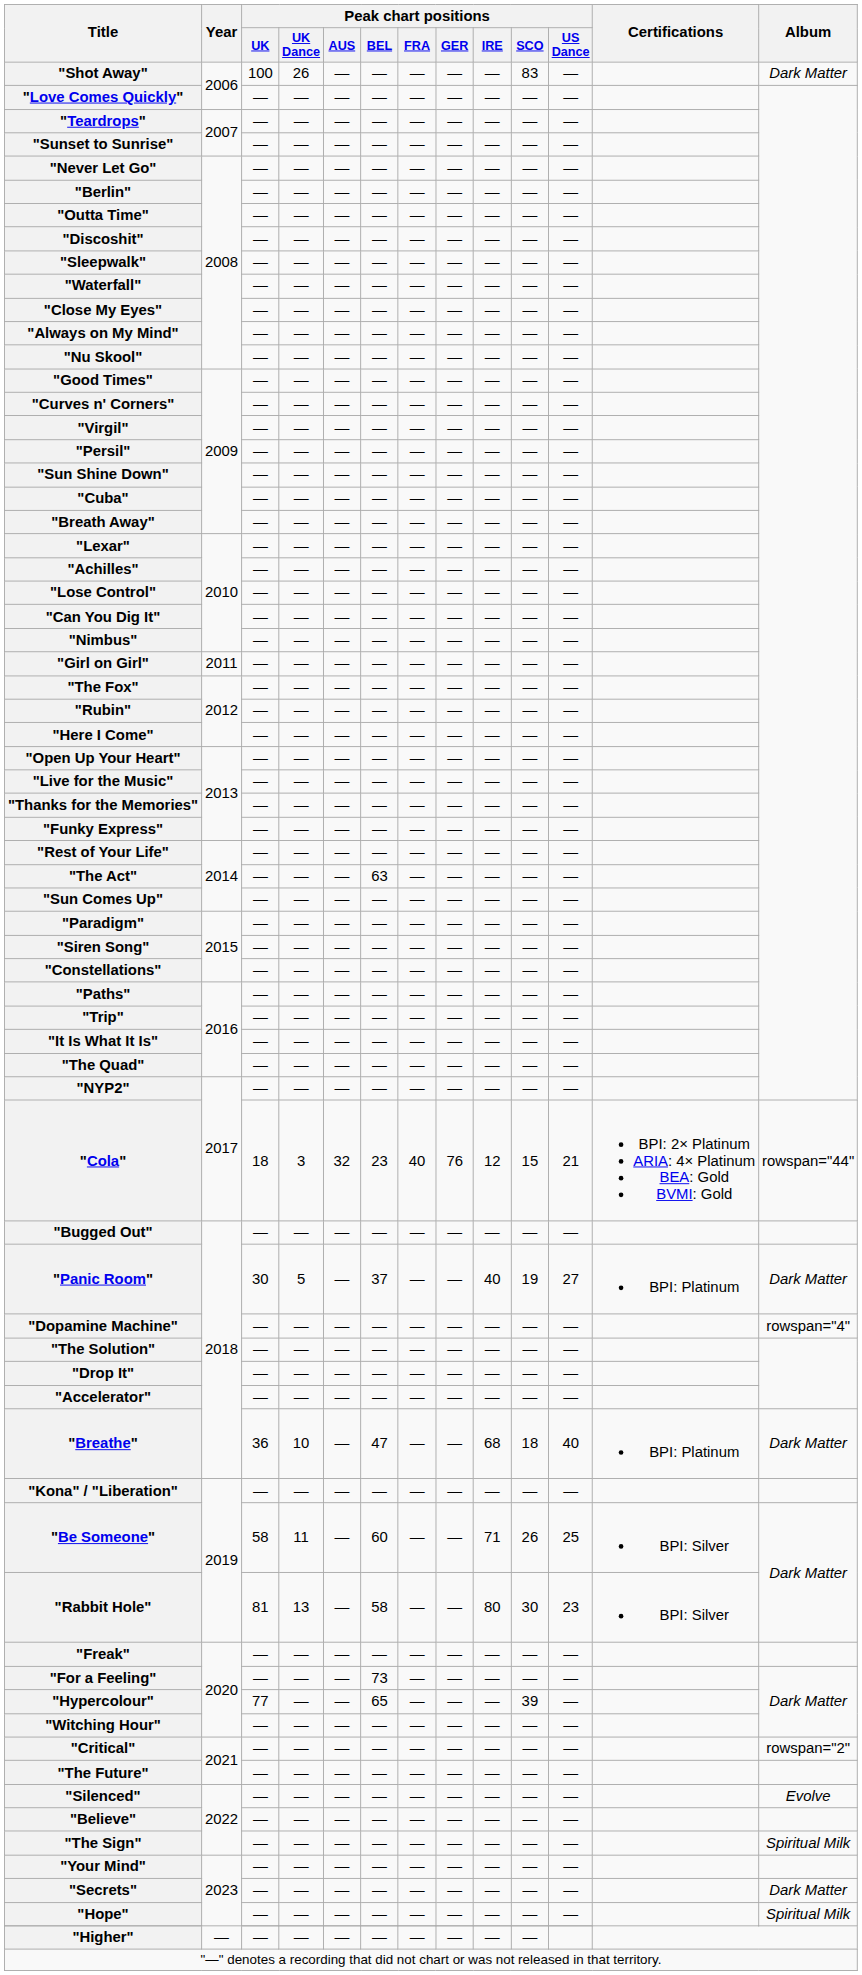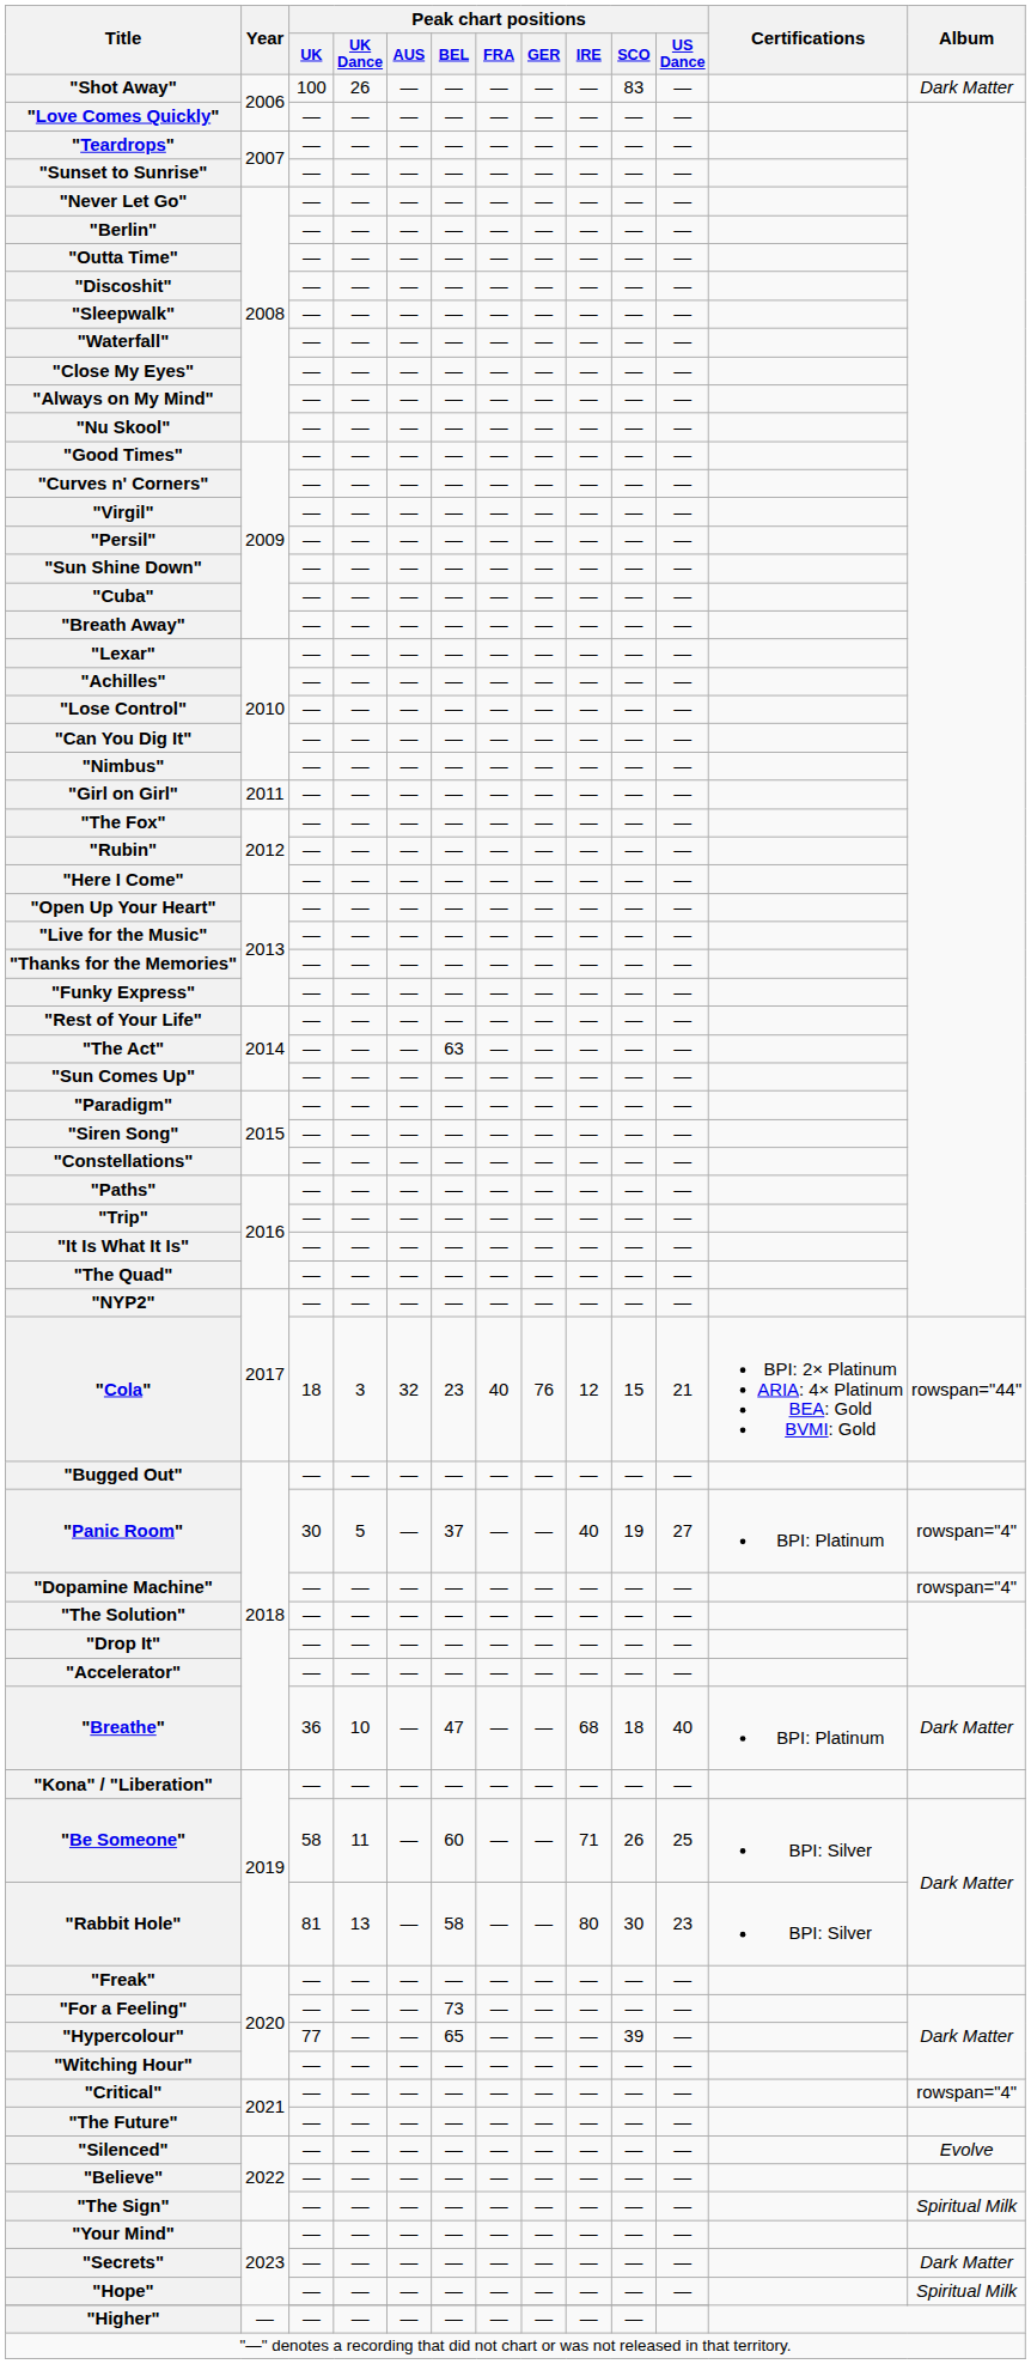 <table class="wikitable plainrowheaders" style="text-align:center;">
 <tr>
 <th scope="col" rowspan="2">Title</th>
 <th scope="col" rowspan="2">Year</th>
 <th scope="col" colspan="9">Peak chart positions</th>
 <th scope="col" rowspan="2">Certifications</th>
 <th scope="col" rowspan="2">Album</th>
 </tr>
 <tr>
 <th scope="col" style="width:2.5em;font-size:85%;"><a href='#'>UK</a><br></th>
 <th scope="col" style="width:2.5em;font-size:85%;"><a href='#'>UK Dance</a><br></th>
 <th scope="col" style="width:2.5em;font-size:85%;"><a href='#'>AUS</a><br></th>
 <th scope="col" style="width:2.5em;font-size:85%;"><a href='#'>BEL</a><br></th>
 <th scope="col" style="width:2.5em;font-size:85%;"><a href='#'>FRA</a><br></th>
 <th scope="col" style="width:2.5em;font-size:85%;"><a href='#'>GER</a><br></th>
 <th scope="col" style="width:2.5em;font-size:85%;"><a href='#'>IRE</a><br></th>
 <th scope="col" style="width:2.5em;font-size:85%;"><a href='#'>SCO</a><br></th>
 <th scope="col" style="width:2.5em;font-size:85%;"><a href='#'>US<br>Dance</a><br></th>
 </tr>
 <tr>
 <th scope="row">"Shot Away" <br></th>
 <td rowspan="2">2006</td>
 <td>100</td>
 <td>26</td>
 <td>—</td>
 <td>—</td>
 <td>—</td>
 <td>—</td>
 <td>—</td>
 <td>83</td>
 <td>—</td>
 <td></td>
 <td><em>Dark Matter</em></td>
 </tr>
 <tr>
 <th scope="row">"<a href='#'>Love Comes Quickly</a>" <br></th>
 <td>—</td>
 <td>—</td>
 <td>—</td>
 <td>—</td>
 <td>—</td>
 <td>—</td>
 <td>—</td>
 <td>—</td>
 <td>—</td>
 <td></td>
 </tr>
 <tr>
 <th scope="row">"<a href='#'>Teardrops</a>" <br></th>
 <td rowspan="2">2007</td>
 <td>—</td>
 <td>—</td>
 <td>—</td>
 <td>—</td>
 <td>—</td>
 <td>—</td>
 <td>—</td>
 <td>—</td>
 <td>—</td>
 <td></td>
 </tr>
 <tr>
 <th scope="row">"Sunset to Sunrise"<br></th>
 <td>—</td>
 <td>—</td>
 <td>—</td>
 <td>—</td>
 <td>—</td>
 <td>—</td>
 <td>—</td>
 <td>—</td>
 <td>—</td>
 <td></td>
 </tr>
 <tr>
 <th scope="row">"Never Let Go" <br></th>
 <td rowspan="9">2008</td>
 <td>—</td>
 <td>—</td>
 <td>—</td>
 <td>—</td>
 <td>—</td>
 <td>—</td>
 <td>—</td>
 <td>—</td>
 <td>—</td>
 <td></td>
 </tr>
 <tr>
 <th scope="row">"Berlin" <br></th>
 <td>—</td>
 <td>—</td>
 <td>—</td>
 <td>—</td>
 <td>—</td>
 <td>—</td>
 <td>—</td>
 <td>—</td>
 <td>—</td>
 <td></td>
 </tr>
 <tr>
 <th scope="row">"Outta Time" <br></th>
 <td>—</td>
 <td>—</td>
 <td>—</td>
 <td>—</td>
 <td>—</td>
 <td>—</td>
 <td>—</td>
 <td>—</td>
 <td>—</td>
 <td></td>
 </tr>
 <tr>
 <th scope="row">"Discoshit" <br></th>
 <td>—</td>
 <td>—</td>
 <td>—</td>
 <td>—</td>
 <td>—</td>
 <td>—</td>
 <td>—</td>
 <td>—</td>
 <td>—</td>
 <td></td>
 </tr>
 <tr>
 <th scope="row">"Sleepwalk" <br></th>
 <td>—</td>
 <td>—</td>
 <td>—</td>
 <td>—</td>
 <td>—</td>
 <td>—</td>
 <td>—</td>
 <td>—</td>
 <td>—</td>
 <td></td>
 </tr>
 <tr>
 <th scope="row">"Waterfall"<br></th>
 <td>—</td>
 <td>—</td>
 <td>—</td>
 <td>—</td>
 <td>—</td>
 <td>—</td>
 <td>—</td>
 <td>—</td>
 <td>—</td>
 <td></td>
 </tr>
 <tr>
 <th scope="row">"Close My Eyes" <br></th>
 <td>—</td>
 <td>—</td>
 <td>—</td>
 <td>—</td>
 <td>—</td>
 <td>—</td>
 <td>—</td>
 <td>—</td>
 <td>—</td>
 <td></td>
 </tr>
 <tr>
 <th scope="row">"Always on My Mind" <br></th>
 <td>—</td>
 <td>—</td>
 <td>—</td>
 <td>—</td>
 <td>—</td>
 <td>—</td>
 <td>—</td>
 <td>—</td>
 <td>—</td>
 <td></td>
 </tr>
 <tr>
 <th scope="row">"Nu Skool" <br></th>
 <td>—</td>
 <td>—</td>
 <td>—</td>
 <td>—</td>
 <td>—</td>
 <td>—</td>
 <td>—</td>
 <td>—</td>
 <td>—</td>
 <td></td>
 </tr>
 <tr>
 <th scope="row">"Good Times" <br></th>
 <td rowspan="7">2009</td>
 <td>—</td>
 <td>—</td>
 <td>—</td>
 <td>—</td>
 <td>—</td>
 <td>—</td>
 <td>—</td>
 <td>—</td>
 <td>—</td>
 <td></td>
 </tr>
 <tr>
 <th scope="row">"Curves n' Corners" <br></th>
 <td>—</td>
 <td>—</td>
 <td>—</td>
 <td>—</td>
 <td>—</td>
 <td>—</td>
 <td>—</td>
 <td>—</td>
 <td>—</td>
 <td></td>
 </tr>
 <tr>
 <th scope="row">"Virgil" <br></th>
 <td>—</td>
 <td>—</td>
 <td>—</td>
 <td>—</td>
 <td>—</td>
 <td>—</td>
 <td>—</td>
 <td>—</td>
 <td>—</td>
 <td></td>
 </tr>
 <tr>
 <th scope="row">"Persil"<br></th>
 <td>—</td>
 <td>—</td>
 <td>—</td>
 <td>—</td>
 <td>—</td>
 <td>—</td>
 <td>—</td>
 <td>—</td>
 <td>—</td>
 <td></td>
 </tr>
 <tr>
 <th scope="row">"Sun Shine Down" <br></th>
 <td>—</td>
 <td>—</td>
 <td>—</td>
 <td>—</td>
 <td>—</td>
 <td>—</td>
 <td>—</td>
 <td>—</td>
 <td>—</td>
 <td></td>
 </tr>
 <tr>
 <th scope="row">"Cuba"<br></th>
 <td>—</td>
 <td>—</td>
 <td>—</td>
 <td>—</td>
 <td>—</td>
 <td>—</td>
 <td>—</td>
 <td>—</td>
 <td>—</td>
 <td></td>
 </tr>
 <tr>
 <th scope="row">"Breath Away" <br></th>
 <td>—</td>
 <td>—</td>
 <td>—</td>
 <td>—</td>
 <td>—</td>
 <td>—</td>
 <td>—</td>
 <td>—</td>
 <td>—</td>
 <td></td>
 </tr>
 <tr>
 <th scope="row">"Lexar" <br></th>
 <td rowspan="5">2010</td>
 <td>—</td>
 <td>—</td>
 <td>—</td>
 <td>—</td>
 <td>—</td>
 <td>—</td>
 <td>—</td>
 <td>—</td>
 <td>—</td>
 <td></td>
 </tr>
 <tr>
 <th scope="row">"Achilles" <br></th>
 <td>—</td>
 <td>—</td>
 <td>—</td>
 <td>—</td>
 <td>—</td>
 <td>—</td>
 <td>—</td>
 <td>—</td>
 <td>—</td>
 <td></td>
 </tr>
 <tr>
 <th scope="row">"Lose Control" <br></th>
 <td>—</td>
 <td>—</td>
 <td>—</td>
 <td>—</td>
 <td>—</td>
 <td>—</td>
 <td>—</td>
 <td>—</td>
 <td>—</td>
 <td></td>
 </tr>
 <tr>
 <th scope="row">"Can You Dig It"</th>
 <td>—</td>
 <td>—</td>
 <td>—</td>
 <td>—</td>
 <td>—</td>
 <td>—</td>
 <td>—</td>
 <td>—</td>
 <td>—</td>
 <td></td>
 </tr>
 <tr>
 <th scope="row">"Nimbus" <br></th>
 <td>—</td>
 <td>—</td>
 <td>—</td>
 <td>—</td>
 <td>—</td>
 <td>—</td>
 <td>—</td>
 <td>—</td>
 <td>—</td>
 <td></td>
 </tr>
 <tr>
 <th scope="row">"Girl on Girl"</th>
 <td>2011</td>
 <td>—</td>
 <td>—</td>
 <td>—</td>
 <td>—</td>
 <td>—</td>
 <td>—</td>
 <td>—</td>
 <td>—</td>
 <td>—</td>
 <td></td>
 </tr>
 <tr>
 <th scope="row">"The Fox" <br></th>
 <td rowspan="3">2012</td>
 <td>—</td>
 <td>—</td>
 <td>—</td>
 <td>—</td>
 <td>—</td>
 <td>—</td>
 <td>—</td>
 <td>—</td>
 <td>—</td>
 <td></td>
 </tr>
 <tr>
 <th scope="row">"Rubin" <br></th>
 <td>—</td>
 <td>—</td>
 <td>—</td>
 <td>—</td>
 <td>—</td>
 <td>—</td>
 <td>—</td>
 <td>—</td>
 <td>—</td>
 <td></td>
 </tr>
 <tr>
 <th scope="row">"Here I Come" <br></th>
 <td>—</td>
 <td>—</td>
 <td>—</td>
 <td>—</td>
 <td>—</td>
 <td>—</td>
 <td>—</td>
 <td>—</td>
 <td>—</td>
 <td></td>
 </tr>
 <tr>
 <th scope="row">"Open Up Your Heart" <br></th>
 <td rowspan="4">2013</td>
 <td>—</td>
 <td>—</td>
 <td>—</td>
 <td>—</td>
 <td>—</td>
 <td>—</td>
 <td>—</td>
 <td>—</td>
 <td>—</td>
 <td></td>
 </tr>
 <tr>
 <th scope="row">"Live for the Music" <br></th>
 <td>—</td>
 <td>—</td>
 <td>—</td>
 <td>—</td>
 <td>—</td>
 <td>—</td>
 <td>—</td>
 <td>—</td>
 <td>—</td>
 <td></td>
 </tr>
 <tr>
 <th scope="row">"Thanks for the Memories"<br></th>
 <td>—</td>
 <td>—</td>
 <td>—</td>
 <td>—</td>
 <td>—</td>
 <td>—</td>
 <td>—</td>
 <td>—</td>
 <td>—</td>
 <td></td>
 </tr>
 <tr>
 <th scope="row">"Funky Express"<br></th>
 <td>—</td>
 <td>—</td>
 <td>—</td>
 <td>—</td>
 <td>—</td>
 <td>—</td>
 <td>—</td>
 <td>—</td>
 <td>—</td>
 <td></td>
 </tr>
 <tr>
 <th scope="row">"Rest of Your Life"<br></th>
 <td rowspan="3">2014</td>
 <td>—</td>
 <td>—</td>
 <td>—</td>
 <td>—</td>
 <td>—</td>
 <td>—</td>
 <td>—</td>
 <td>—</td>
 <td>—</td>
 <td></td>
 </tr>
 <tr>
 <th scope="row">"The Act"</th>
 <td>—</td>
 <td>—</td>
 <td>—</td>
 <td>63</td>
 <td>—</td>
 <td>—</td>
 <td>—</td>
 <td>—</td>
 <td>—</td>
 <td></td>
 </tr>
 <tr>
 <th scope="row">"Sun Comes Up" <br></th>
 <td>—</td>
 <td>—</td>
 <td>—</td>
 <td>—</td>
 <td>—</td>
 <td>—</td>
 <td>—</td>
 <td>—</td>
 <td>—</td>
 <td></td>
 </tr>
 <tr>
 <th scope="row">"Paradigm"<br></th>
 <td rowspan="3">2015</td>
 <td>—</td>
 <td>—</td>
 <td>—</td>
 <td>—</td>
 <td>—</td>
 <td>—</td>
 <td>—</td>
 <td>—</td>
 <td>—</td>
 <td></td>
 </tr>
 <tr>
 <th scope="row">"Siren Song"<br></th>
 <td>—</td>
 <td>—</td>
 <td>—</td>
 <td>—</td>
 <td>—</td>
 <td>—</td>
 <td>—</td>
 <td>—</td>
 <td>—</td>
 <td></td>
 </tr>
 <tr>
 <th scope="row">"Constellations"</th>
 <td>—</td>
 <td>—</td>
 <td>—</td>
 <td>—</td>
 <td>—</td>
 <td>—</td>
 <td>—</td>
 <td>—</td>
 <td>—</td>
 <td></td>
 </tr>
 <tr>
 <th scope="row">"Paths"<br></th>
 <td rowspan="4">2016</td>
 <td>—</td>
 <td>—</td>
 <td>—</td>
 <td>—</td>
 <td>—</td>
 <td>—</td>
 <td>—</td>
 <td>—</td>
 <td>—</td>
 <td></td>
 </tr>
 <tr>
 <th scope="row">"Trip"</th>
 <td>—</td>
 <td>—</td>
 <td>—</td>
 <td>—</td>
 <td>—</td>
 <td>—</td>
 <td>—</td>
 <td>—</td>
 <td>—</td>
 <td></td>
 </tr>
 <tr>
 <th scope="row">"It Is What It Is"</th>
 <td>—</td>
 <td>—</td>
 <td>—</td>
 <td>—</td>
 <td>—</td>
 <td>—</td>
 <td>—</td>
 <td>—</td>
 <td>—</td>
 <td></td>
 </tr>
 <tr>
 <th scope="row">"The Quad"</th>
 <td>—</td>
 <td>—</td>
 <td>—</td>
 <td>—</td>
 <td>—</td>
 <td>—</td>
 <td>—</td>
 <td>—</td>
 <td>—</td>
 <td></td>
 </tr>
 <tr>
 <th scope="row">"NYP2"</th>
 <td rowspan="2">2017</td>
 <td>—</td>
 <td>—</td>
 <td>—</td>
 <td>—</td>
 <td>—</td>
 <td>—</td>
 <td>—</td>
 <td>—</td>
 <td>—</td>
 <td></td>
 </tr>
 <tr>
 <th scope="row">"<a href='#'>Cola</a>"<br></th>
 <td>18</td>
 <td>3</td>
 <td>32</td>
 <td>23</td>
 <td>40</td>
 <td>76</td>
 <td>12</td>
 <td>15</td>
 <td>21</td>
 <td><br><ul><li>BPI: 2× Platinum</li><li><a href='#'>ARIA</a>: 4× Platinum</li><li><a href='#'>BEA</a>: Gold</li><li><a href='#'>BVMI</a>: Gold</li></ul></td>
 <td>rowspan="44" </td>
 </tr>
 <tr>
 <th scope="row">"Bugged Out" <br></th>
 <td rowspan="7">2018</td>
 <td>—</td>
 <td>—</td>
 <td>—</td>
 <td>—</td>
 <td>—</td>
 <td>—</td>
 <td>—</td>
 <td>—</td>
 <td>—</td>
 <td></td>
 <td></td>
 </tr>
 <tr>
 <th scope="row">"<a href='#'>Panic Room</a>"<br></th>
 <td>30</td>
 <td>5</td>
 <td>—</td>
 <td>37</td>
 <td>—</td>
 <td>—</td>
 <td>40</td>
 <td>19</td>
 <td>27</td>
 <td><br><ul><li>BPI: Platinum</li></ul></td>
-<td><em>Dark Matter</em></td>
+<td>rowspan="4" </td>
 </tr>
 <tr>
 <th scope="row">"Dopamine Machine"<br></th>
 <td>—</td>
 <td>—</td>
 <td>—</td>
 <td>—</td>
 <td>—</td>
 <td>—</td>
 <td>—</td>
 <td>—</td>
 <td>—</td>
 <td></td>
 <td>rowspan="4" </td>
 </tr>
 <tr>
 <th scope="row">"The Solution"</th>
 <td>—</td>
 <td>—</td>
 <td>—</td>
 <td>—</td>
 <td>—</td>
 <td>—</td>
 <td>—</td>
 <td>—</td>
 <td>—</td>
 <td></td>
 </tr>
 <tr>
 <th scope="row">"Drop It"</th>
 <td>—</td>
 <td>—</td>
 <td>—</td>
 <td>—</td>
 <td>—</td>
 <td>—</td>
 <td>—</td>
 <td>—</td>
 <td>—</td>
 <td></td>
 </tr>
 <tr>
 <th scope="row">"Accelerator"<br></th>
 <td>—</td>
 <td>—</td>
 <td>—</td>
 <td>—</td>
 <td>—</td>
 <td>—</td>
 <td>—</td>
 <td>—</td>
 <td>—</td>
 <td></td>
 </tr>
 <tr>
 <th scope="row">"<a href='#'>Breathe</a>"<br></th>
 <td>36</td>
 <td>10</td>
 <td>—</td>
 <td>47</td>
 <td>—</td>
 <td>—</td>
 <td>68</td>
 <td>18</td>
 <td>40</td>
 <td><br><ul><li>BPI: Platinum</li></ul></td>
 <td><em>Dark Matter</em></td>
 </tr>
 <tr>
 <th scope="row">"Kona" / "Liberation" <br></th>
 <td rowspan="3">2019</td>
 <td>—</td>
 <td>—</td>
 <td>—</td>
 <td>—</td>
 <td>—</td>
 <td>—</td>
 <td>—</td>
 <td>—</td>
 <td>—</td>
 <td></td>
 <td></td>
 </tr>
 <tr>
 <th scope="row">"<a href='#'>Be Someone</a>" <br></th>
 <td>58</td>
 <td>11</td>
 <td>—</td>
 <td>60</td>
 <td>—</td>
 <td>—</td>
 <td>71</td>
 <td>26</td>
 <td>25</td>
 <td><br><ul><li>BPI: Silver</li></ul></td>
 <td rowspan="2"><em>Dark Matter</em></td>
 </tr>
 <tr>
 <th scope="row">"Rabbit Hole" <br></th>
 <td>81</td>
 <td>13</td>
 <td>—</td>
 <td>58</td>
 <td>—</td>
 <td>—</td>
 <td>80<br></td>
 <td>30</td>
 <td>23</td>
 <td><br><ul><li>BPI: Silver</li></ul></td>
 </tr>
 <tr>
 <th scope="row">"Freak" <br></th>
 <td rowspan="4">2020</td>
 <td>—</td>
 <td>—</td>
 <td>—</td>
 <td>—</td>
 <td>—</td>
 <td>—</td>
 <td>—</td>
 <td>—</td>
 <td>—</td>
 <td></td>
 <td></td>
 </tr>
 <tr>
 <th scope="row">"For a Feeling" <br></th>
 <td>—</td>
 <td>—</td>
 <td>—</td>
 <td>73</td>
 <td>—</td>
 <td>—</td>
 <td>—</td>
 <td>—</td>
 <td>—</td>
 <td></td>
 <td rowspan="3"><em>Dark Matter</em></td>
 </tr>
 <tr>
 <th scope="row">"Hypercolour" <br></th>
 <td>77</td>
 <td>—</td>
 <td>—</td>
 <td>65</td>
 <td>—</td>
 <td>—</td>
 <td>—</td>
 <td>39</td>
 <td>—</td>
 <td></td>
 </tr>
 <tr>
 <th scope="row">"Witching Hour" <br></th>
 <td>—</td>
 <td>—</td>
 <td>—</td>
 <td>—</td>
 <td>—</td>
 <td>—</td>
 <td>—</td>
 <td>—</td>
 <td>—</td>
 <td></td>
 </tr>
 <tr>
 <th scope="row">"Critical" <br></th>
 <td rowspan="2">2021</td>
 <td>—</td>
 <td>—</td>
 <td>—</td>
 <td>—</td>
 <td>—</td>
 <td>—</td>
 <td>—</td>
 <td>—</td>
 <td>—</td>
 <td></td>
-<td>rowspan="2" </td>
+<td>rowspan="4" </td>
 </tr>
 <tr>
 <th scope="row">"The Future" <br></th>
 <td>—</td>
 <td>—</td>
 <td>—</td>
 <td>—</td>
 <td>—</td>
 <td>—</td>
 <td>—</td>
 <td>—</td>
 <td>—</td>
 <td></td>
 </tr>
 <tr>
 <th scope="row">"Silenced" <br></th>
 <td rowspan="3">2022</td>
 <td>—</td>
 <td>—</td>
 <td>—</td>
 <td>—</td>
 <td>—</td>
 <td>—</td>
 <td>—</td>
 <td>—</td>
 <td>—</td>
 <td></td>
 <td><em>Evolve</em></td>
 </tr>
 <tr>
 <th scope="row">"Believe" <br></th>
 <td>—</td>
 <td>—</td>
 <td>—</td>
 <td>—</td>
 <td>—</td>
 <td>—</td>
 <td>—</td>
 <td>—</td>
 <td>—</td>
 <td></td>
 <td></td>
 </tr>
 <tr>
 <th scope="row">"The Sign" <br></th>
 <td>—</td>
 <td>—</td>
 <td>—</td>
 <td>—</td>
 <td>—</td>
 <td>—</td>
 <td>—</td>
 <td>—</td>
 <td>—</td>
 <td></td>
 <td><em>Spiritual Milk</em></td>
 </tr>
 <tr>
 <th scope="row">"Your Mind" <br></th>
 <td rowspan="4">2023</td>
 <td>—</td>
 <td>—</td>
 <td>—</td>
 <td>—</td>
 <td>—</td>
 <td>—</td>
 <td>—</td>
 <td>—</td>
 <td>—</td>
 <td></td>
 <td></td>
 </tr>
 <tr>
 <th scope="row">"Secrets" <br></th>
 <td>—</td>
 <td>—</td>
 <td>—</td>
 <td>—</td>
 <td>—</td>
 <td>—</td>
 <td>—</td>
 <td>—</td>
 <td>—</td>
 <td></td>
 <td><em>Dark Matter</em></td>
 </tr>
 <tr>
 <th scope="row">"Hope" <br></th>
 <td>—</td>
 <td>—</td>
 <td>—</td>
 <td>—</td>
 <td>—</td>
 <td>—</td>
 <td>—</td>
 <td>—</td>
 <td>—</td>
 <td></td>
 <td rowspan="2"><em>Spiritual Milk</em></td>
 </tr>
 <tr>
 </tr>
 <tr>
 <th scope="row">"Higher" <br></th>
 <td>—</td>
 <td>—</td>
 <td>—</td>
 <td>—</td>
 <td>—</td>
 <td>—</td>
 <td>—</td>
 <td>—</td>
 <td>—</td>
 <td></td>
 </tr>
 <tr>
 <td colspan="17" style="font-size:90%">"—" denotes a recording that did not chart or was not released in that territory.</td>
 </tr>
 </table>
